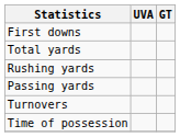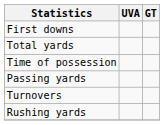 <table class="wikitable" style="float: left;">
 <tr>
 <th>Statistics</th>
 <th>UVA</th>
 <th>GT</th>
 </tr>
 <tr>
 <td>First downs</td>
 <td></td>
 <td></td>
 </tr>
 <tr>
 <td>Total yards</td>
 <td></td>
 <td></td>
 </tr>
 <tr>
-<td>Rushing yards</td>
+<td>Time of possession</td>
 <td></td>
 <td></td>
 </tr>
 <tr>
 <td>Passing yards</td>
 <td></td>
 <td></td>
 </tr>
 <tr>
 <td>Turnovers</td>
 <td></td>
 <td></td>
 </tr>
 <tr>
-<td>Time of possession</td>
+<td>Rushing yards</td>
 <td></td>
 <td></td>
 </tr>
 <tr>
 </tr>
 </table>
